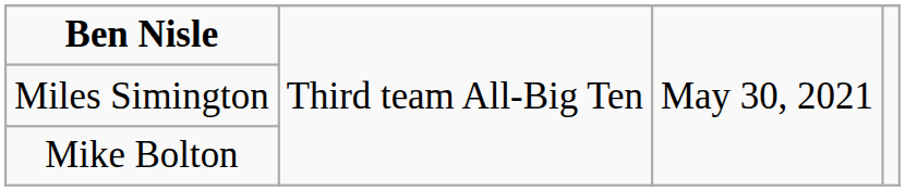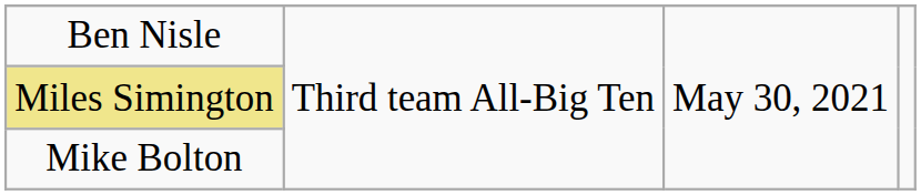 <table class="wikitable sortable" style="text-align: center">
 <tr align=center>
 </tr>
 <tr>
-<td><strong>Ben Nisle</strong></td>
+<td>Ben Nisle</td>
 <td rowspan="3">Third team All-Big Ten</td>
 <td rowspan="7">May 30, 2021</td>
 <td rowspan="7"></td>
 </tr>
 <tr>
-<td>Miles Simington</td>
+<td style="background: khaki;">Miles Simington</td>
 </tr>
 <tr>
 <td>Mike Bolton</td>
 </tr>
 </table>
